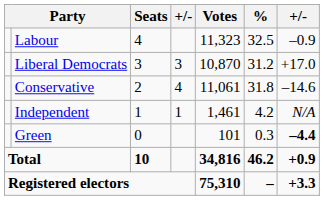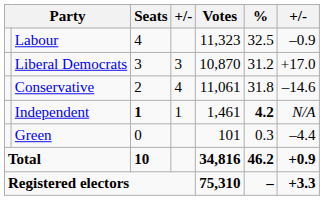 <table class="wikitable sortable">
 <tr>
 <th colspan="2">Party</th>
 <th>Seats</th>
 <th>+/-</th>
 <th>Votes</th>
 <th>%</th>
 <th>+/-</th>
 </tr>
 <tr>
 <td style="background-color: "></td>
 <td><a href='#'>Labour</a></td>
 <td>4</td>
 <td></td>
 <td style="text-align:right;">11,323</td>
 <td style="text-align:right;">32.5</td>
 <td style="text-align:right;">–0.9</td>
 </tr>
 <tr>
 <td style="background-color: "></td>
 <td><a href='#'>Liberal Democrats</a></td>
 <td>3</td>
 <td> 3</td>
 <td style="text-align:right;">10,870</td>
 <td style="text-align:right;">31.2</td>
 <td style="text-align:right;">+17.0</td>
 </tr>
 <tr>
 <td style="background-color: "></td>
 <td><a href='#'>Conservative</a></td>
 <td>2</td>
 <td> 4</td>
 <td style="text-align:right;">11,061</td>
 <td style="text-align:right;">31.8</td>
 <td style="text-align:right;">–14.6</td>
 </tr>
 <tr>
 <td style="background-color: "></td>
 <td><a href='#'>Independent</a></td>
-<td>1</td>
+<td><strong>1</strong></td>
 <td> 1</td>
 <td style="text-align:right;">1,461</td>
-<td style="text-align:right;">4.2</td>
+<td style="text-align:right;"><strong>4.2</strong></td>
 <td style="text-align:right;"><em>N/A</em></td>
 </tr>
 <tr>
 <td style="background-color: "></td>
 <td><a href='#'>Green</a></td>
 <td>0</td>
 <td></td>
 <td style="text-align:right;">101</td>
 <td style="text-align:right;">0.3</td>
-<td style="text-align:right;"><strong>–4.4</strong></td>
+<td style="text-align:right;">–4.4</td>
 </tr>
 <tr>
 <td colspan="2"><strong>Total</strong></td>
 <td><strong>10</strong></td>
 <td></td>
 <td style="text-align:right;"><strong>34,816</strong></td>
 <td style="text-align:right;"><strong>46.2</strong></td>
 <td style="text-align:right;"><strong>+0.9</strong></td>
 </tr>
 <tr>
 <td colspan="4"><strong>Registered electors</strong></td>
 <td style="text-align:right;"><strong>75,310</strong></td>
 <td style="text-align:right;"><strong>–</strong></td>
 <td style="text-align:right;"><strong>+3.3</strong></td>
 </tr>
 </table>
